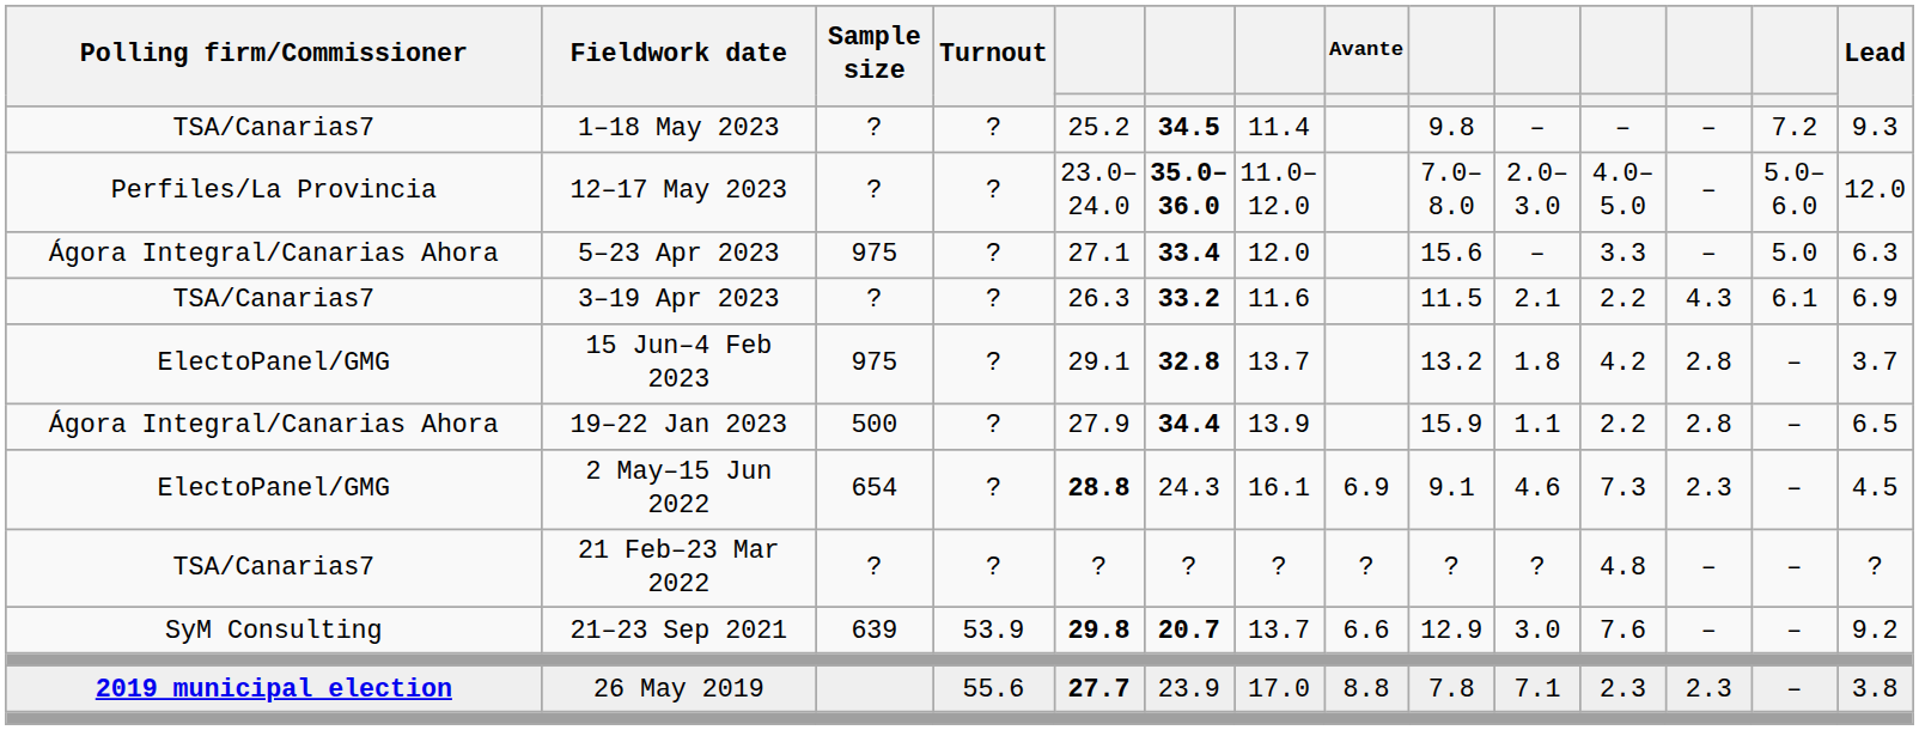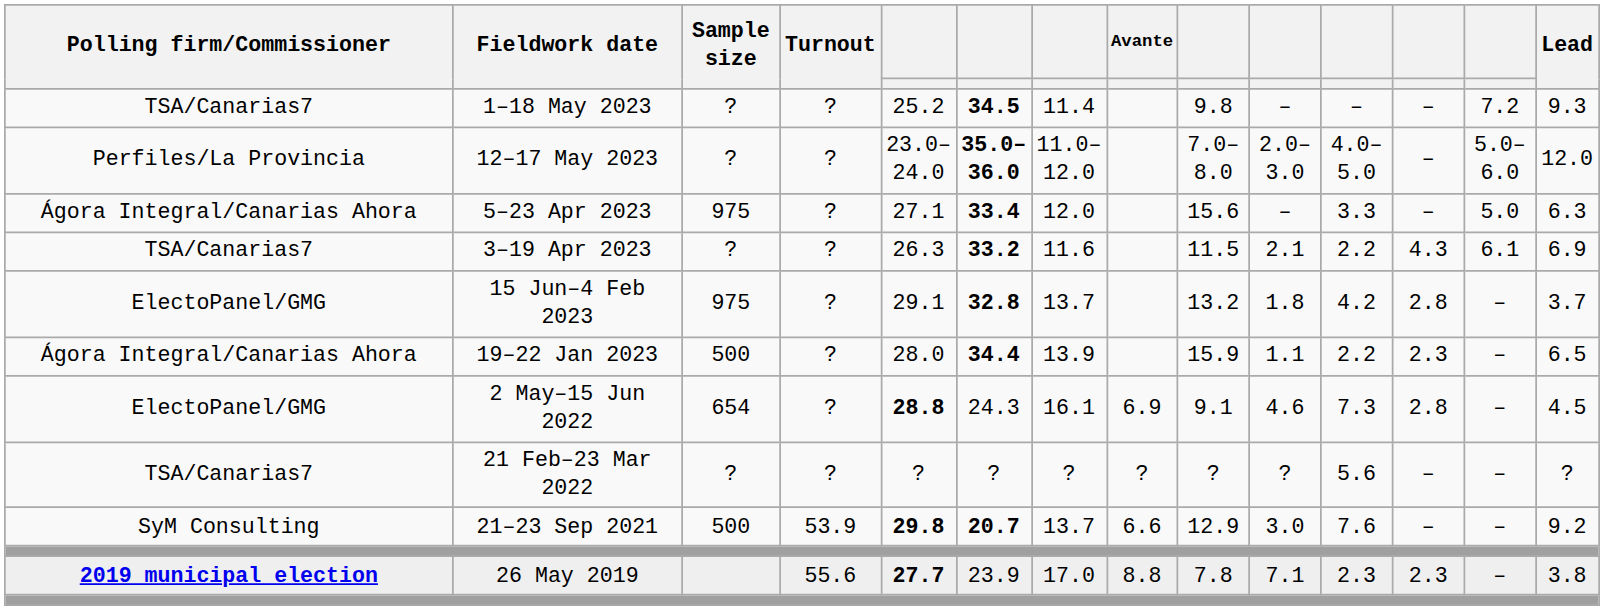 <table class="wikitable collapsible collapsed" style="text-align:center; font-size:95%; line-height:16px;">
 <tr style="height:42px;">
 <th style="width:250px;" rowspan="2">Polling firm/Commissioner</th>
 <th style="width:125px;" rowspan="2">Fieldwork date</th>
 <th style="width:50px;" rowspan="2">Sample size</th>
 <th style="width:45px;" rowspan="2">Turnout</th>
 <th style="width:35px;"></th>
 <th style="width:35px;"></th>
 <th style="width:35px;"></th>
 <th style="width:35px; font-size:80%;">Avante</th>
 <th style="width:35px;"></th>
 <th style="width:35px;"></th>
 <th style="width:35px;"></th>
 <th style="width:35px;"></th>
 <th style="width:35px;"></th>
 <th style="width:30px;" rowspan="2">Lead</th>
 </tr>
 <tr>
 <th style="color:inherit;background:"></th>
 <th style="color:inherit;background:"></th>
 <th style="color:inherit;background:"></th>
 <th style="color:inherit;background:"></th>
 <th style="color:inherit;background:"></th>
 <th style="color:inherit;background:"></th>
 <th style="color:inherit;background:"></th>
 <th style="color:inherit;background:"></th>
 <th style="color:inherit;background:"></th>
 </tr>
 <tr>
 <td>TSA/Canarias7</td>
 <td>1–18 May 2023</td>
 <td>?</td>
 <td>?</td>
 <td>25.2<br></td>
 <td><strong>34.5</strong><br></td>
 <td>11.4<br></td>
 <td></td>
 <td>9.8<br></td>
 <td>–</td>
 <td>–</td>
 <td>–</td>
 <td>7.2<br></td>
 <td style="background:">9.3</td>
 </tr>
 <tr>
 <td>Perfiles/La Provincia</td>
 <td>12–17 May 2023</td>
 <td>?</td>
 <td>?</td>
 <td>23.0–<br>24.0<br></td>
 <td><strong>35.0–<br>36.0</strong><br></td>
 <td>11.0–<br>12.0<br></td>
 <td></td>
 <td>7.0–<br>8.0<br></td>
 <td>2.0–<br>3.0<br></td>
 <td>4.0–<br>5.0<br></td>
 <td>–</td>
 <td>5.0–<br>6.0<br></td>
 <td style="background:">12.0</td>
 </tr>
 <tr>
 <td>Ágora Integral/Canarias Ahora</td>
 <td>5–23 Apr 2023</td>
 <td>975</td>
 <td>?</td>
 <td>27.1<br></td>
 <td><strong>33.4</strong><br></td>
 <td>12.0<br></td>
 <td></td>
 <td>15.6<br></td>
 <td>–</td>
 <td>3.3<br></td>
 <td>–</td>
 <td>5.0<br></td>
 <td style="background:">6.3</td>
 </tr>
 <tr>
 <td>TSA/Canarias7</td>
 <td>3–19 Apr 2023</td>
 <td>?</td>
 <td>?</td>
 <td>26.3<br></td>
 <td><strong>33.2</strong><br></td>
 <td>11.6<br></td>
 <td></td>
 <td>11.5<br></td>
 <td>2.1<br></td>
 <td>2.2<br></td>
 <td>4.3<br></td>
 <td>6.1<br></td>
 <td style="background:">6.9</td>
 </tr>
 <tr>
 <td>ElectoPanel/GMG</td>
 <td>15 Jun–4 Feb 2023</td>
 <td>975</td>
 <td>?</td>
 <td>29.1<br></td>
 <td><strong>32.8</strong><br></td>
 <td>13.7<br></td>
 <td></td>
 <td>13.2<br></td>
 <td>1.8<br></td>
 <td>4.2<br></td>
 <td>2.8<br></td>
 <td>–</td>
 <td style="background:">3.7</td>
 </tr>
 <tr>
 <td>Ágora Integral/Canarias Ahora</td>
 <td>19–22 Jan 2023</td>
 <td>500</td>
 <td>?</td>
-<td>27.9<br></td>
+<td>28.0<br></td>
 <td><strong>34.4</strong><br></td>
 <td>13.9<br></td>
 <td></td>
 <td>15.9<br></td>
 <td>1.1<br></td>
 <td>2.2<br></td>
-<td>2.8<br></td>
+<td>2.3<br></td>
 <td>–</td>
 <td style="background:">6.5</td>
 </tr>
 <tr>
 <td>ElectoPanel/GMG</td>
 <td>2 May–15 Jun 2022</td>
 <td>654</td>
 <td>?</td>
 <td><strong>28.8</strong><br></td>
 <td>24.3<br></td>
 <td>16.1<br></td>
 <td>6.9<br></td>
 <td>9.1<br></td>
 <td>4.6<br></td>
 <td>7.3<br></td>
-<td>2.3<br></td>
+<td>2.8<br></td>
 <td>–</td>
 <td style="background:">4.5</td>
 </tr>
 <tr>
 <td>TSA/Canarias7</td>
 <td>21 Feb–23 Mar 2022</td>
 <td>?</td>
 <td>?</td>
 <td>?<br></td>
 <td>?<br></td>
 <td>?<br></td>
 <td>?<br></td>
 <td>?<br></td>
 <td>?<br></td>
-<td>4.8<br></td>
+<td>5.6<br></td>
 <td>–</td>
 <td>–</td>
 <td style="background:">?</td>
 </tr>
 <tr>
 <td>SyM Consulting</td>
 <td>21–23 Sep 2021</td>
-<td>639</td>
+<td>500</td>
 <td>53.9</td>
 <td><strong>29.8</strong><br></td>
 <td><strong>20.7<br></strong></td>
 <td>13.7<br></td>
 <td>6.6<br></td>
 <td>12.9<br></td>
 <td>3.0<br></td>
 <td>7.6<br></td>
 <td>–</td>
 <td>–</td>
 <td style="background:">9.2</td>
 </tr>
 <tr>
 <td colspan="14" style="background:#A0A0A0"></td>
 </tr>
 <tr style="background:#EFEFEF;">
 <td><strong><a href='#'>2019 municipal election</a></strong></td>
 <td>26 May 2019</td>
 <td></td>
 <td>55.6</td>
 <td><strong>27.7</strong><br></td>
 <td>23.9<br></td>
 <td>17.0<br></td>
 <td>8.8<br></td>
 <td>7.8<br></td>
 <td>7.1<br></td>
 <td>2.3<br></td>
 <td>2.3<br></td>
 <td>–</td>
 <td style="background:">3.8</td>
 </tr>
 <tr>
 <td colspan="14" style="background:#A0A0A0"></td>
 </tr>
 </table>
